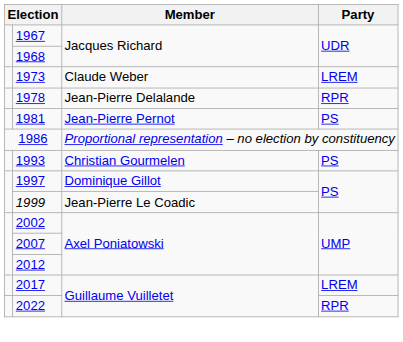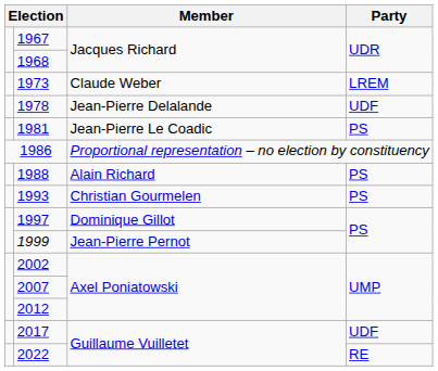 <table class="wikitable">
 <tr>
 <th colspan="2">Election</th>
 <th>Member</th>
 <th>Party</th>
 </tr>
 <tr>
 <td rowspan="2" style="color:inherit;background-color: "></td>
 <td><a href='#'>1967</a></td>
 <td rowspan="2">Jacques Richard</td>
 <td rowspan="2"><a href='#'>UDR</a></td>
 </tr>
 <tr>
 <td><a href='#'>1968</a></td>
 </tr>
 <tr>
 <td style="color:inherit;background-color: "></td>
 <td><a href='#'>1973</a></td>
 <td>Claude Weber</td>
 <td><a href='#'>LREM</a></td>
 </tr>
 <tr>
 <td style="color:inherit;background-color: "></td>
 <td><a href='#'>1978</a></td>
 <td>Jean-Pierre Delalande</td>
-<td><a href='#'>RPR</a></td>
+<td><a href='#'>UDF</a></td>
 </tr>
 <tr>
 <td style="background-color: "></td>
 <td><a href='#'>1981</a></td>
-<td><a href='#'>Jean-Pierre Pernot</a></td>
+<td>Jean-Pierre Le Coadic</td>
 <td><a href='#'>PS</a></td>
 </tr>
 <tr>
 <td colspan="2" align="center"><a href='#'>1986</a></td>
 <td colspan="2"><em><a href='#'>Proportional representation</a> – no election by constituency</em></td>
+</tr>
+<tr>
+<td style="color:inherit;background-color: "></td>
+<td><a href='#'>1988</a></td>
+<td><a href='#'>Alain Richard</a></td>
+<td><a href='#'>PS</a></td>
 </tr>
 <tr>
 <td style="color:inherit;background-color: "></td>
 <td><a href='#'>1993</a></td>
 <td><a href='#'>Christian Gourmelen</a></td>
 <td><a href='#'>PS</a></td>
 </tr>
 <tr>
 <td rowspan=2 style="color:inherit;background-color: "></td>
 <td><a href='#'>1997</a></td>
 <td><a href='#'>Dominique Gillot</a></td>
 <td rowspan=2><a href='#'>PS</a></td>
 </tr>
 <tr>
 <td><em>1999</em></td>
-<td>Jean-Pierre Le Coadic</td>
+<td><a href='#'>Jean-Pierre Pernot</a></td>
 </tr>
 <tr>
 <td rowspan=3 style="color:inherit;background-color: "></td>
 <td><a href='#'>2002</a></td>
 <td rowspan=3><a href='#'>Axel Poniatowski</a></td>
 <td rowspan=3><a href='#'>UMP</a></td>
 </tr>
 <tr>
 <td><a href='#'>2007</a></td>
 </tr>
 <tr>
 <td><a href='#'>2012</a></td>
 </tr>
 <tr>
 <td style="color:inherit;background-color: "></td>
 <td><a href='#'>2017</a></td>
 <td rowspan="2"><a href='#'>Guillaume Vuilletet</a></td>
-<td><a href='#'>LREM</a></td>
+<td><a href='#'>UDF</a></td>
 </tr>
 <tr>
 <td style="color:inherit;background-color: "></td>
 <td><a href='#'>2022</a></td>
-<td><a href='#'>RPR</a></td>
+<td><a href='#'>RE</a></td>
 </tr>
 </table>
